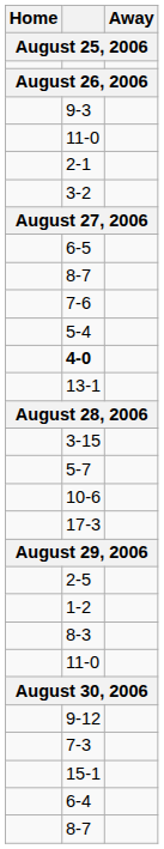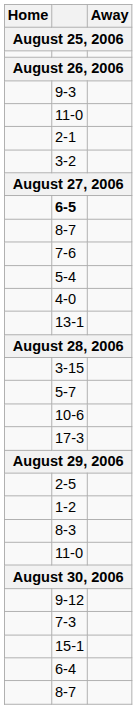 <table class="wikitable">
 <tr>
 <th>Home</th>
 <th></th>
 <th>Away</th>
 </tr>
 <tr>
 <th colspan="7">August 25, 2006</th>
 </tr>
 <tr>
 <td><strong></strong></td>
 <td></td>
 <td></td>
 </tr>
 <tr>
 <th colspan="7">August 26, 2006</th>
 </tr>
 <tr>
 <td><strong></strong></td>
 <td>9-3</td>
 <td></td>
 </tr>
 <tr>
 <td><strong></strong></td>
 <td>11-0</td>
 <td></td>
 </tr>
 <tr>
 <td><strong></strong></td>
 <td>2-1</td>
 <td></td>
 </tr>
 <tr>
 <td><strong></strong></td>
 <td>3-2</td>
 <td></td>
 </tr>
 <tr>
 <th colspan="7">August 27, 2006</th>
 </tr>
 <tr>
 <td><strong></strong></td>
-<td>6-5</td>
+<td><strong>6-5</strong></td>
 <td></td>
 </tr>
 <tr>
 <td><strong></strong></td>
 <td>8-7</td>
 <td></td>
 </tr>
 <tr>
 <td><strong></strong></td>
 <td>7-6</td>
 <td></td>
 </tr>
 <tr>
 <td><strong></strong></td>
 <td>5-4</td>
 <td></td>
 </tr>
 <tr>
 <td><strong></strong></td>
-<td><strong>4-0</strong></td>
+<td>4-0</td>
 <td></td>
 </tr>
 <tr>
 <td><strong></strong></td>
 <td>13-1</td>
 <td></td>
 </tr>
 <tr>
 <th colspan="7">August 28, 2006</th>
 </tr>
 <tr>
 <td></td>
 <td>3-15</td>
 <td><strong></strong></td>
 </tr>
 <tr>
 <td></td>
 <td>5-7</td>
 <td><strong></strong></td>
 </tr>
 <tr>
 <td><strong></strong></td>
 <td>10-6</td>
 <td></td>
 </tr>
 <tr>
 <td><strong></strong></td>
 <td>17-3</td>
 <td></td>
 </tr>
 <tr>
 <th colspan="7">August 29, 2006</th>
 </tr>
 <tr>
 <td></td>
 <td>2-5</td>
 <td><strong></strong></td>
 </tr>
 <tr>
 <td></td>
 <td>1-2</td>
 <td><strong></strong></td>
 </tr>
 <tr>
 <td><strong></strong></td>
 <td>8-3</td>
 <td></td>
 </tr>
 <tr>
 <td><strong></strong></td>
 <td>11-0</td>
 <td></td>
 </tr>
 <tr>
 <th colspan="7">August 30, 2006</th>
 </tr>
 <tr>
 <td></td>
 <td>9-12</td>
 <td><strong></strong></td>
 </tr>
 <tr>
 <td><strong></strong></td>
 <td>7-3</td>
 <td></td>
 </tr>
 <tr>
 <td><strong></strong></td>
 <td>15-1</td>
 <td></td>
 </tr>
 <tr>
 <td><strong></strong></td>
 <td>6-4</td>
 <td></td>
 </tr>
 <tr>
 <td><strong></strong></td>
 <td>8-7</td>
 <td></td>
 </tr>
 </table>
